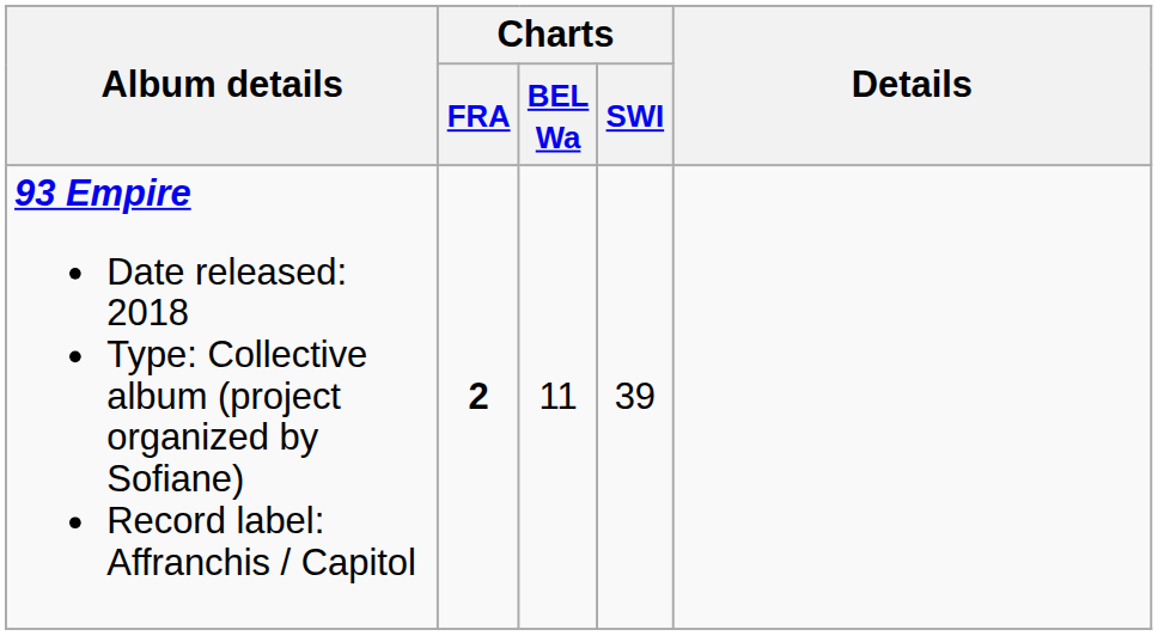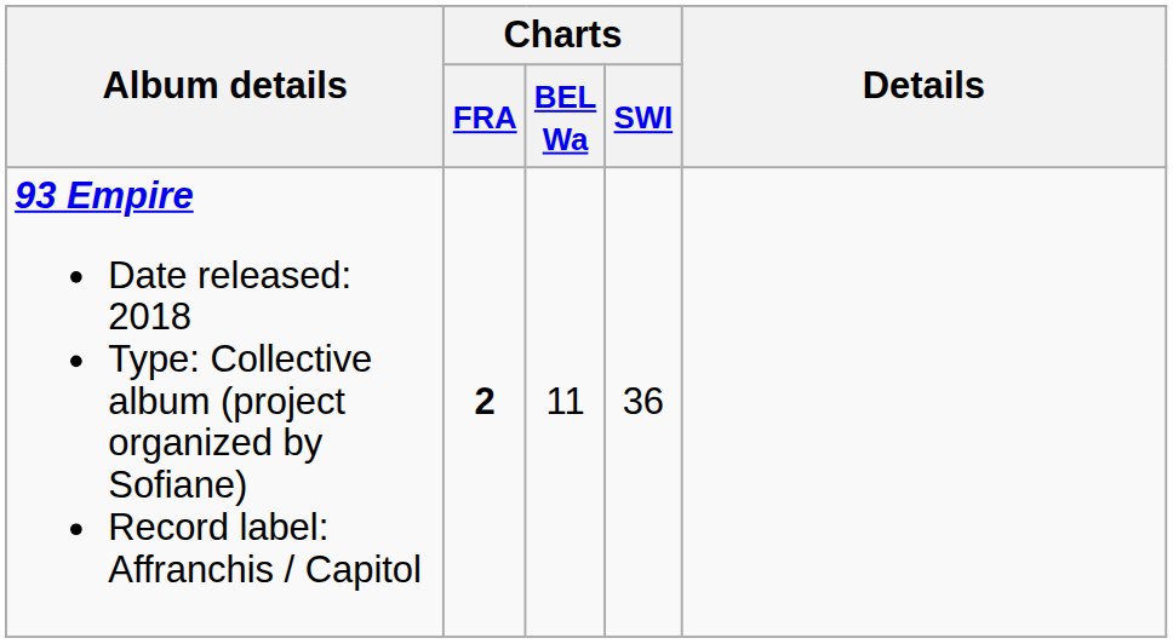 <table class="wikitable">
 <tr>
 <th align="center" rowspan="2" width="180">Album details</th>
 <th align="center" colspan="3">Charts</th>
 <th align="center" rowspan="2" width="200">Details</th>
 </tr>
 <tr>
 <th width="20"><small><a href='#'>FRA</a></small><br></th>
 <th width="20"><small><a href='#'>BEL<br>Wa</a></small><br></th>
 <th width="20"><small><a href='#'>SWI</a></small><br></th>
 </tr>
 <tr>
 <td><strong><em><a href='#'>93 Empire</a></em></strong><br><ul><li>Date released: 2018</li><li>Type: Collective album (project organized by Sofiane)</li><li>Record label: Affranchis / Capitol</li></ul></td>
 <td align="center"><strong>2</strong></td>
 <td align="center">11</td>
-<td align="center">39</td>
+<td align="center">36</td>
 <td></td>
 </tr>
 </table>
